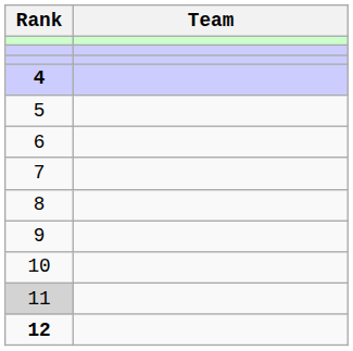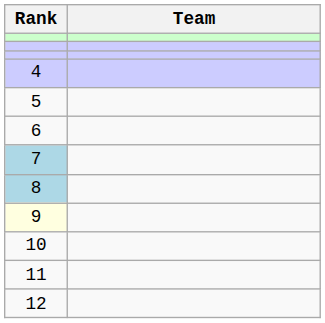 <table class="wikitable" style="text-align: left;">
 <tr>
 <th width=40>Rank</th>
 <th width=180>Team</th>
 </tr>
 <tr bgcolor=ccffcc>
 <td align=center></td>
 <td></td>
 </tr>
 <tr bgcolor=ccccff>
 <td align=center></td>
 <td></td>
 </tr>
 <tr bgcolor=ccccff>
 <td align=center></td>
 <td></td>
 </tr>
 <tr bgcolor=ccccff>
-<td align=center><strong>4</strong></td>
+<td align=center>4</td>
 <td></td>
 </tr>
 <tr>
 <td align=center>5</td>
 <td></td>
 </tr>
 <tr>
 <td align=center>6</td>
 <td></td>
 </tr>
 <tr>
-<td align=center>7</td>
+<td align=center style="background: lightblue;">7</td>
 <td></td>
 </tr>
 <tr>
-<td align=center>8</td>
+<td align=center style="background: lightblue;">8</td>
 <td></td>
 </tr>
 <tr>
-<td align=center>9</td>
+<td align=center style="background: lightyellow;">9</td>
 <td></td>
 </tr>
 <tr>
 <td align=center>10</td>
 <td></td>
 </tr>
 <tr>
-<td align=center style="background: lightgrey;">11</td>
+<td align=center>11</td>
 <td></td>
 </tr>
 <tr>
-<td align=center><strong>12</strong></td>
+<td align=center>12</td>
 <td></td>
 </tr>
 </table>
